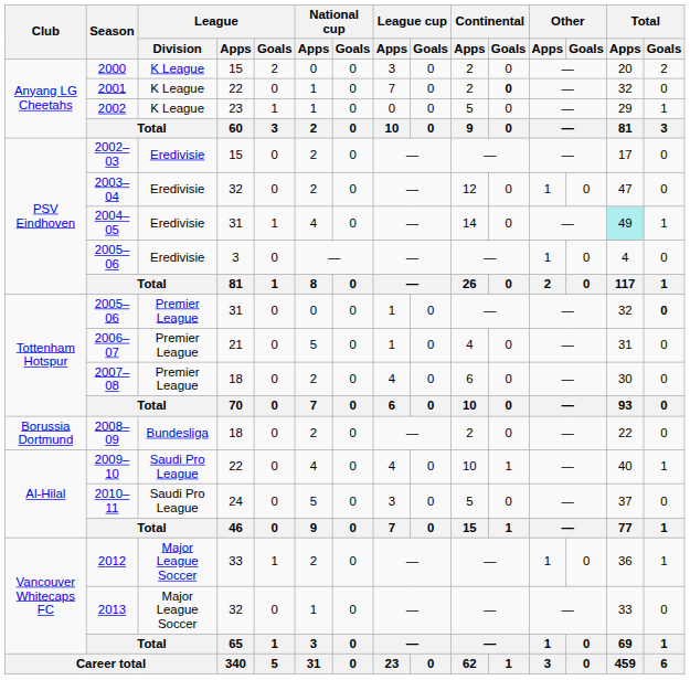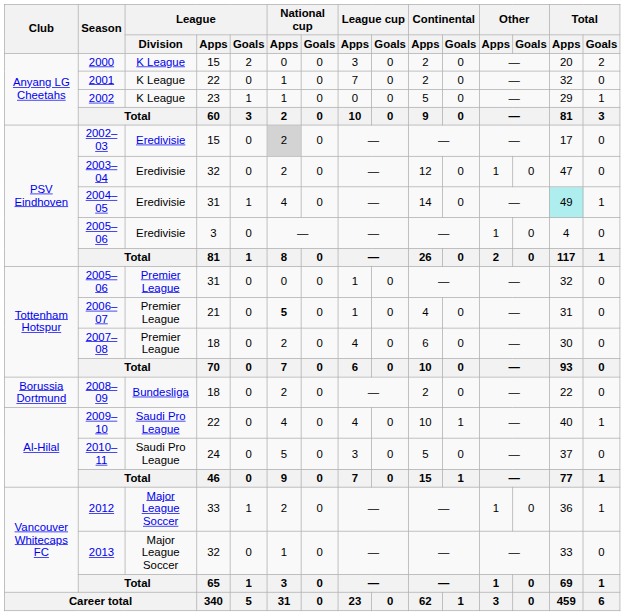 <table class="wikitable" style="text-align:center">
 <tr>
 <th rowspan="2">Club</th>
 <th rowspan="2">Season</th>
 <th colspan="3">League</th>
 <th colspan="2">National cup</th>
 <th colspan="2">League cup</th>
 <th colspan="2">Continental</th>
 <th colspan="2">Other</th>
 <th colspan="2">Total</th>
 </tr>
 <tr>
 <th>Division</th>
 <th>Apps</th>
 <th>Goals</th>
 <th>Apps</th>
 <th>Goals</th>
 <th>Apps</th>
 <th>Goals</th>
 <th>Apps</th>
 <th>Goals</th>
 <th>Apps</th>
 <th>Goals</th>
 <th>Apps</th>
 <th>Goals</th>
 </tr>
 <tr>
 <td rowspan="4"><a href='#'>Anyang LG Cheetahs</a></td>
 <td><a href='#'>2000</a></td>
 <td><a href='#'>K League</a></td>
 <td>15</td>
 <td>2</td>
 <td>0</td>
 <td>0</td>
 <td>3</td>
 <td>0</td>
 <td>2</td>
 <td>0</td>
 <td colspan="2">—</td>
 <td>20</td>
 <td>2</td>
 </tr>
 <tr>
 <td><a href='#'>2001</a></td>
 <td>K League</td>
 <td>22</td>
 <td>0</td>
 <td>1</td>
 <td>0</td>
 <td>7</td>
 <td>0</td>
 <td>2</td>
-<td><strong>0</strong></td>
+<td>0</td>
 <td colspan="2">—</td>
 <td>32</td>
 <td>0</td>
 </tr>
 <tr>
 <td><a href='#'>2002</a></td>
 <td>K League</td>
 <td>23</td>
 <td>1</td>
 <td>1</td>
 <td>0</td>
 <td>0</td>
 <td>0</td>
 <td>5</td>
 <td>0</td>
 <td colspan="2">—</td>
 <td>29</td>
 <td>1</td>
 </tr>
 <tr>
 <th colspan="2">Total</th>
 <th>60</th>
 <th>3</th>
 <th>2</th>
 <th>0</th>
 <th>10</th>
 <th>0</th>
 <th>9</th>
 <th>0</th>
 <th colspan="2">—</th>
 <th>81</th>
 <th>3</th>
 </tr>
 <tr>
 <td rowspan="5"><a href='#'>PSV Eindhoven</a></td>
 <td><a href='#'>2002–03</a></td>
 <td><a href='#'>Eredivisie</a></td>
 <td>15</td>
 <td>0</td>
-<td>2</td>
+<td style="background: lightgrey;">2</td>
 <td>0</td>
 <td colspan="2">—</td>
 <td colspan="2">—</td>
 <td colspan="2">—</td>
 <td>17</td>
 <td>0</td>
 </tr>
 <tr>
 <td><a href='#'>2003–04</a></td>
 <td>Eredivisie</td>
 <td>32</td>
 <td>0</td>
 <td>2</td>
 <td>0</td>
 <td colspan="2">—</td>
 <td>12</td>
 <td>0</td>
 <td>1</td>
 <td>0</td>
 <td>47</td>
 <td>0</td>
 </tr>
 <tr>
 <td><a href='#'>2004–05</a></td>
 <td>Eredivisie</td>
 <td>31</td>
 <td>1</td>
 <td>4</td>
 <td>0</td>
 <td colspan="2">—</td>
 <td>14</td>
 <td>0</td>
 <td colspan="2">—</td>
 <td style="background: paleturquoise;">49</td>
 <td>1</td>
 </tr>
 <tr>
 <td><a href='#'>2005–06</a></td>
 <td>Eredivisie</td>
 <td>3</td>
 <td>0</td>
 <td colspan="2">—</td>
 <td colspan="2">—</td>
 <td colspan="2">—</td>
 <td>1</td>
 <td>0</td>
 <td>4</td>
 <td>0</td>
 </tr>
 <tr>
 <th colspan="2">Total</th>
 <th>81</th>
 <th>1</th>
 <th>8</th>
 <th>0</th>
 <th colspan="2">—</th>
 <th>26</th>
 <th>0</th>
 <th>2</th>
 <th>0</th>
 <th>117</th>
 <th>1</th>
 </tr>
 <tr>
 <td rowspan="4"><a href='#'>Tottenham Hotspur</a></td>
 <td><a href='#'>2005–06</a></td>
 <td><a href='#'>Premier League</a></td>
 <td>31</td>
 <td>0</td>
 <td>0</td>
 <td>0</td>
 <td>1</td>
 <td>0</td>
 <td colspan="2">—</td>
 <td colspan="2">—</td>
 <td>32</td>
-<td><strong>0</strong></td>
+<td>0</td>
 </tr>
 <tr>
 <td><a href='#'>2006–07</a></td>
 <td>Premier League</td>
 <td>21</td>
 <td>0</td>
-<td>5</td>
+<td><strong>5</strong></td>
 <td>0</td>
 <td>1</td>
 <td>0</td>
 <td>4</td>
 <td>0</td>
 <td colspan="2">—</td>
 <td>31</td>
 <td>0</td>
 </tr>
 <tr>
 <td><a href='#'>2007–08</a></td>
 <td>Premier League</td>
 <td>18</td>
 <td>0</td>
 <td>2</td>
 <td>0</td>
 <td>4</td>
 <td>0</td>
 <td>6</td>
 <td>0</td>
 <td colspan="2">—</td>
 <td>30</td>
 <td>0</td>
 </tr>
 <tr>
 <th colspan="2">Total</th>
 <th>70</th>
 <th>0</th>
 <th>7</th>
 <th>0</th>
 <th>6</th>
 <th>0</th>
 <th>10</th>
 <th>0</th>
 <th colspan="2">—</th>
 <th>93</th>
 <th>0</th>
 </tr>
 <tr>
 <td><a href='#'>Borussia Dortmund</a></td>
 <td><a href='#'>2008–09</a></td>
 <td><a href='#'>Bundesliga</a></td>
 <td>18</td>
 <td>0</td>
 <td>2</td>
 <td>0</td>
 <td colspan="2">—</td>
 <td>2</td>
 <td>0</td>
 <td colspan="2">—</td>
 <td>22</td>
 <td>0</td>
 </tr>
 <tr>
 <td rowspan="3"><a href='#'>Al-Hilal</a></td>
 <td><a href='#'>2009–10</a></td>
 <td><a href='#'>Saudi Pro League</a></td>
 <td>22</td>
 <td>0</td>
 <td>4</td>
 <td>0</td>
 <td>4</td>
 <td>0</td>
 <td>10</td>
 <td>1</td>
 <td colspan="2">—</td>
 <td>40</td>
 <td>1</td>
 </tr>
 <tr>
 <td><a href='#'>2010–11</a></td>
 <td>Saudi Pro League</td>
 <td>24</td>
 <td>0</td>
 <td>5</td>
 <td>0</td>
 <td>3</td>
 <td>0</td>
 <td>5</td>
 <td>0</td>
 <td colspan="2">—</td>
 <td>37</td>
 <td>0</td>
 </tr>
 <tr>
 <th colspan="2">Total</th>
 <th>46</th>
 <th>0</th>
 <th>9</th>
 <th>0</th>
 <th>7</th>
 <th>0</th>
 <th>15</th>
 <th>1</th>
 <th colspan="2">—</th>
 <th>77</th>
 <th>1</th>
 </tr>
 <tr>
 <td rowspan="3"><a href='#'>Vancouver Whitecaps FC</a></td>
 <td><a href='#'>2012</a></td>
 <td><a href='#'>Major League Soccer</a></td>
 <td>33</td>
 <td>1</td>
 <td>2</td>
 <td>0</td>
 <td colspan="2">—</td>
 <td colspan="2">—</td>
 <td>1</td>
 <td>0</td>
 <td>36</td>
 <td>1</td>
 </tr>
 <tr>
 <td><a href='#'>2013</a></td>
 <td>Major League Soccer</td>
 <td>32</td>
 <td>0</td>
 <td>1</td>
 <td>0</td>
 <td colspan="2">—</td>
 <td colspan="2">—</td>
 <td colspan="2">—</td>
 <td>33</td>
 <td>0</td>
 </tr>
 <tr>
 <th colspan="2">Total</th>
 <th>65</th>
 <th>1</th>
 <th>3</th>
 <th>0</th>
 <th colspan="2">—</th>
 <th colspan="2">—</th>
 <th>1</th>
 <th>0</th>
 <th>69</th>
 <th>1</th>
 </tr>
 <tr>
 <th colspan="3">Career total</th>
 <th>340</th>
 <th>5</th>
 <th>31</th>
 <th>0</th>
 <th>23</th>
 <th>0</th>
 <th>62</th>
 <th>1</th>
 <th>3</th>
 <th>0</th>
 <th>459</th>
 <th>6</th>
 </tr>
 </table>
